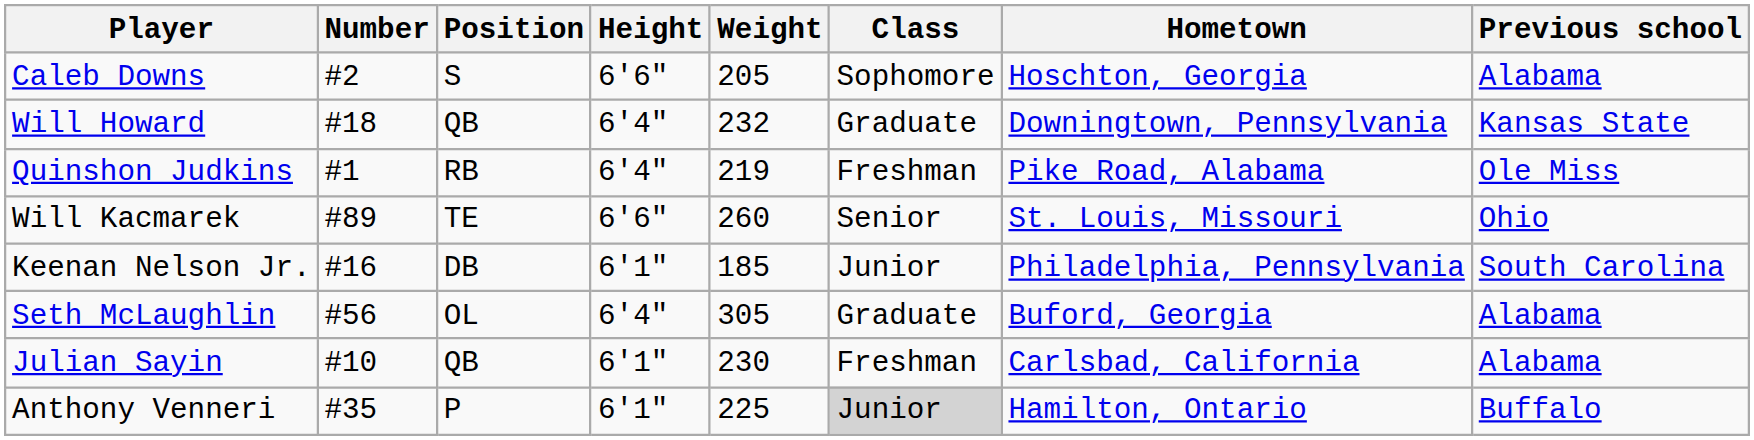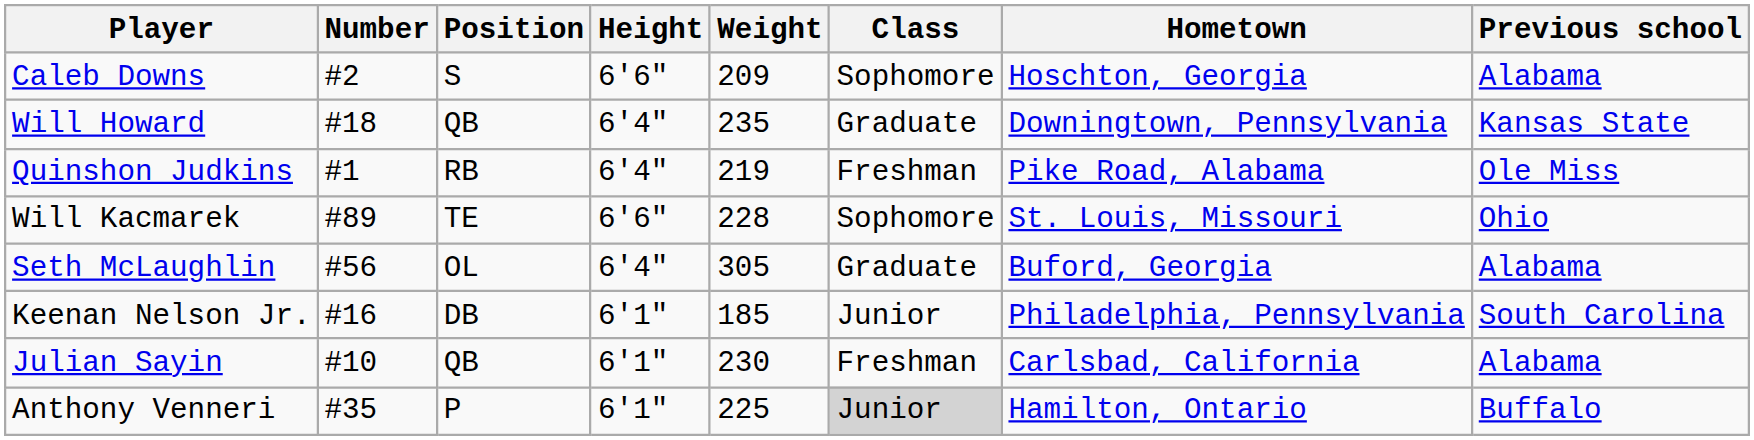 <table class="wikitable sortable">
 <tr>
 <th style="text-align:center;">Player</th>
 <th style="text-align:center;">Number</th>
 <th style="text-align:center;">Position</th>
 <th style="text-align:center;">Height</th>
 <th style="text-align:center;">Weight</th>
 <th style="text-align:center;">Class</th>
 <th style="text-align:center;">Hometown</th>
 <th style="text-align:center;">Previous school</th>
 </tr>
 <tr>
 <td><a href='#'>Caleb Downs</a></td>
 <td>#2</td>
 <td>S</td>
 <td>6'6"</td>
-<td>205</td>
+<td>209</td>
 <td>Sophomore</td>
 <td><a href='#'>Hoschton, Georgia</a></td>
 <td><a href='#'>Alabama</a></td>
 </tr>
 <tr>
 <td><a href='#'>Will Howard</a></td>
 <td>#18</td>
 <td>QB</td>
 <td>6'4"</td>
-<td>232</td>
+<td>235</td>
 <td>Graduate</td>
 <td><a href='#'>Downingtown, Pennsylvania</a></td>
 <td><a href='#'>Kansas State</a></td>
 </tr>
 <tr>
 <td><a href='#'>Quinshon Judkins</a></td>
 <td>#1</td>
 <td>RB</td>
 <td>6'4"</td>
 <td>219</td>
 <td>Freshman</td>
 <td><a href='#'>Pike Road, Alabama</a></td>
 <td><a href='#'>Ole Miss</a></td>
 </tr>
 <tr>
 <td>Will Kacmarek</td>
 <td>#89</td>
 <td>TE</td>
 <td>6'6"</td>
-<td>260</td>
-<td>Senior</td>
+<td>228</td>
+<td>Sophomore</td>
 <td><a href='#'>St. Louis, Missouri</a></td>
 <td><a href='#'>Ohio</a></td>
+</tr>
+<tr>
+<td><a href='#'>Seth McLaughlin</a></td>
+<td>#56</td>
+<td>OL</td>
+<td>6'4"</td>
+<td>305</td>
+<td>Graduate</td>
+<td><a href='#'>Buford, Georgia</a></td>
+<td><a href='#'>Alabama</a></td>
 </tr>
 <tr>
 <td>Keenan Nelson Jr.</td>
 <td>#16</td>
 <td>DB</td>
 <td>6'1"</td>
 <td>185</td>
 <td>Junior</td>
 <td><a href='#'>Philadelphia, Pennsylvania</a></td>
 <td><a href='#'>South Carolina</a></td>
-</tr>
-<tr>
-<td><a href='#'>Seth McLaughlin</a></td>
-<td>#56</td>
-<td>OL</td>
-<td>6'4"</td>
-<td>305</td>
-<td>Graduate</td>
-<td><a href='#'>Buford, Georgia</a></td>
-<td><a href='#'>Alabama</a></td>
 </tr>
 <tr>
 <td><a href='#'>Julian Sayin</a></td>
 <td>#10</td>
 <td>QB</td>
 <td>6'1"</td>
 <td>230</td>
 <td>Freshman</td>
 <td><a href='#'>Carlsbad, California</a></td>
 <td><a href='#'>Alabama</a></td>
 </tr>
 <tr>
 <td>Anthony Venneri</td>
 <td>#35</td>
 <td>P</td>
 <td>6'1"</td>
 <td>225</td>
 <td style="background: lightgrey;">Junior</td>
 <td><a href='#'>Hamilton, Ontario</a></td>
 <td><a href='#'>Buffalo</a></td>
 </tr>
 </table>
